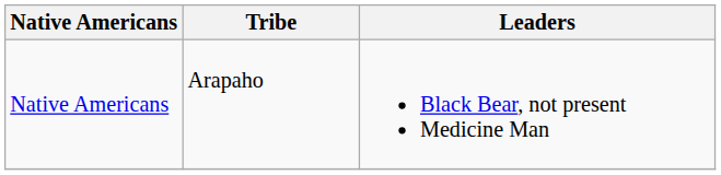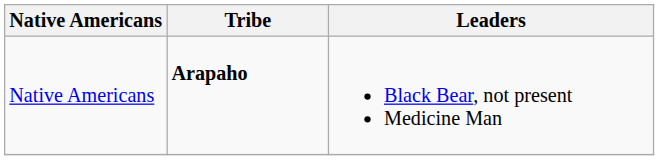 <table class="wikitable">
 <tr>
 <th width=25%>Native Americans</th>
 <th width=25%>Tribe</th>
 <th>Leaders</th>
 </tr>
 <tr>
 <td rowspan=1><br><a href='#'>Native Americans</a><br>    </td>
-<td>Arapaho<br><br>  </td>
+<td><strong>Arapaho<br><br>  </strong></td>
 <td><br><ul><li><a href='#'>Black Bear</a>, not present</li><li>Medicine Man</li></ul></td>
 </tr>
 <tr>
 </tr>
 </table>
